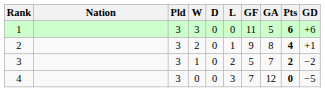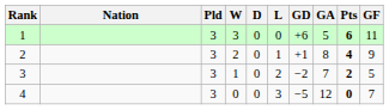 <table class="wikitable" style="text-align: center;">
 <tr>
 <th width=5>Rank</th>
 <th width=200>Nation</th>
 <th width=20>Pld</th>
 <th width=20>W</th>
 <th width=20>D</th>
 <th width=20>L</th>
-<th width=20>GF</th>
+<th width=20>GD</th>
 <th width=20>GA</th>
 <th width=20>Pts</th>
-<th width=20>GD</th>
+<th width=20>GF</th>
 </tr>
 <tr style="background:#cfc;">
 <td>1</td>
 <td style="text-align:left"></td>
 <td>3</td>
 <td>3</td>
 <td>0</td>
 <td>0</td>
-<td>11</td>
+<td>+6</td>
 <td>5</td>
 <td><strong>6</strong></td>
-<td>+6</td>
+<td>11</td>
 </tr>
 <tr>
 <td>2</td>
 <td style="text-align:left"></td>
 <td>3</td>
 <td>2</td>
 <td>0</td>
 <td>1</td>
-<td>9</td>
+<td>+1</td>
 <td>8</td>
 <td><strong>4</strong></td>
-<td>+1</td>
+<td>9</td>
 </tr>
 <tr>
 <td>3</td>
 <td style="text-align:left"></td>
 <td>3</td>
 <td>1</td>
 <td>0</td>
 <td>2</td>
-<td>5</td>
+<td>−2</td>
 <td>7</td>
 <td><strong>2</strong></td>
-<td>−2</td>
+<td>5</td>
 </tr>
 <tr>
 <td>4</td>
 <td style="text-align:left"></td>
 <td>3</td>
 <td>0</td>
 <td>0</td>
 <td>3</td>
-<td>7</td>
+<td>−5</td>
 <td>12</td>
 <td><strong>0</strong></td>
-<td>−5</td>
+<td>7</td>
 </tr>
 </table>
